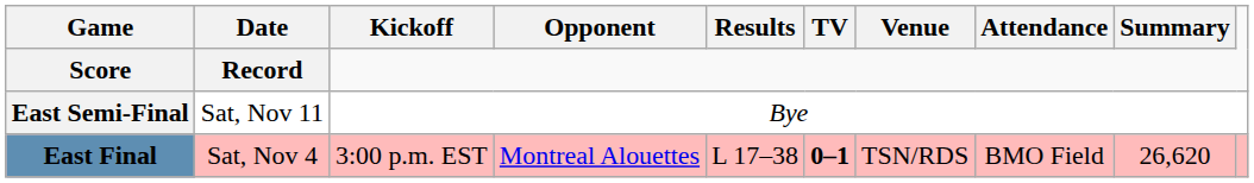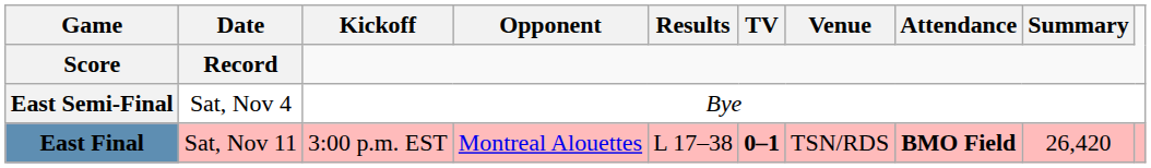 <table class="wikitable" style="font-size: 95%;">
 <tr>
 <th scope="col">Game</th>
 <th scope="col">Date</th>
 <th scope="col">Kickoff</th>
 <th scope="col">Opponent</th>
 <th scope="col">Results</th>
 <th scope="col">TV</th>
 <th scope="col">Venue</th>
 <th scope="col">Attendance</th>
 <th scope="col">Summary</th>
 </tr>
 <tr>
 <th scope="col">Score</th>
 <th scope="col">Record</th>
 </tr>
 <tr bgcolor="#ffffff" align="center">
 <th align="center"><strong>East Semi-Final</strong></th>
-<td align="center">Sat, Nov 11</td>
+<td align="center">Sat, Nov 4</td>
 <td colspan="8" valign="middle" align="center"><em>Bye</em></td>
 </tr>
 <tr align="center" bgcolor="#ffbbbb">
 <th style="text-align:center; background:#5E8EB2;"><span>East Final</span></th>
-<td align="center">Sat, Nov 4</td>
+<td align="center">Sat, Nov 11</td>
 <td align="center">3:00 p.m. EST</td>
 <td align="center"><a href='#'>Montreal Alouettes</a></td>
 <td align="center">L 17–38</td>
 <td align="center"><strong>0–1</strong></td>
 <td align="center">TSN/RDS</td>
-<td align="center">BMO Field</td>
-<td align="center">26,620</td>
+<td align="center"><strong>BMO Field</strong></td>
+<td align="center">26,420</td>
 <td align="center"></td>
 </tr>
 </table>
